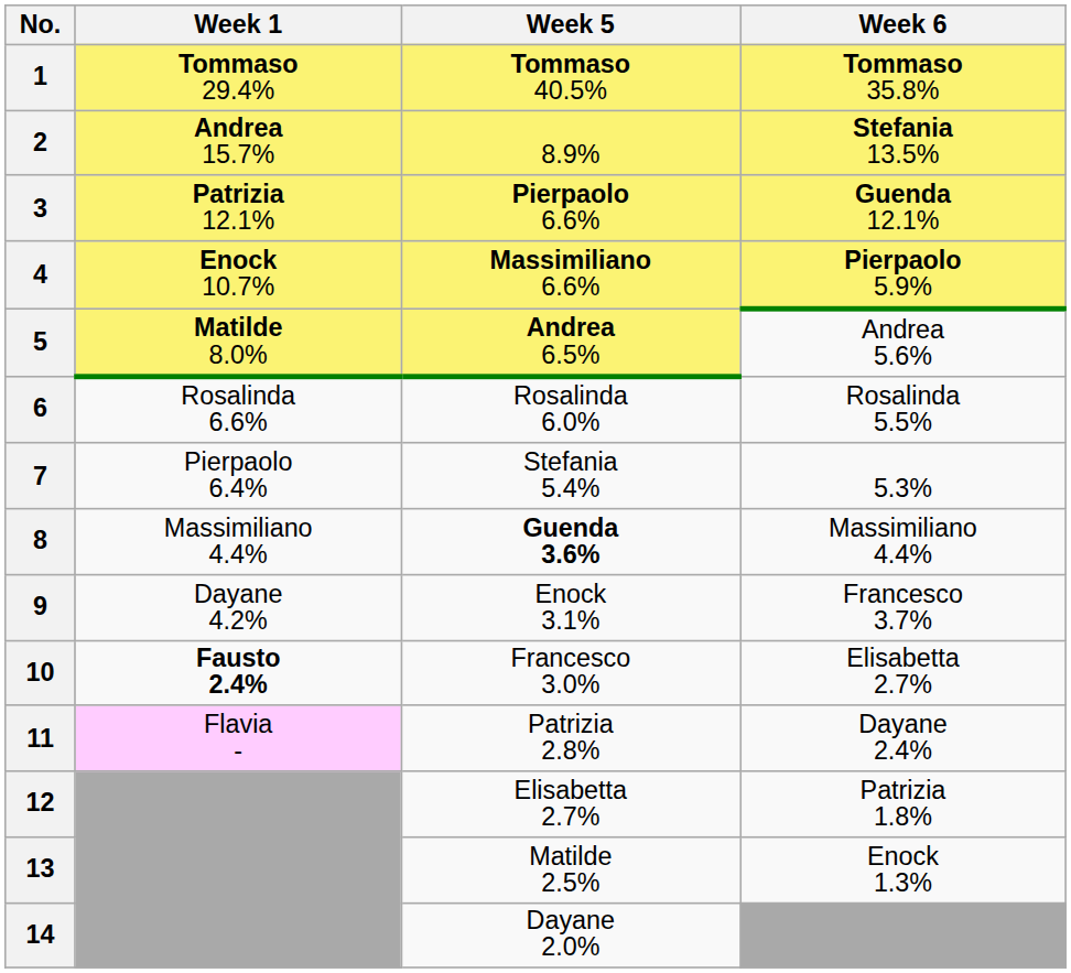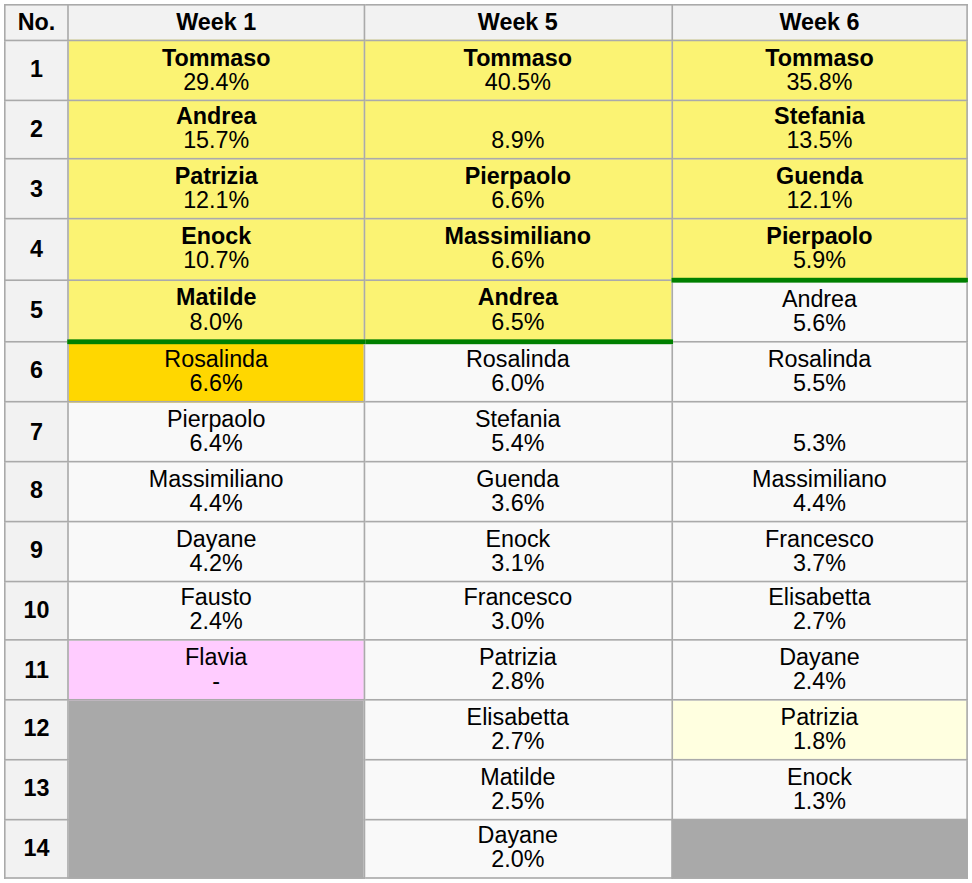 <table class="wikitable" style="text-align:center; font-size:90%; line-height:15px; width:30%">
 <tr>
 <th style="width:1%">No.</th>
 <th style="width:10%">Week 1<br></th>
 <th style="width:10%">Week 5<br></th>
 <th style="width:10%">Week 6<br></th>
 </tr>
 <tr>
 <th>1</th>
 <td style="background-color:#FBF373;"><strong>Tommaso</strong><br>29.4%</td>
 <td style="background-color:#FBF373;"><strong>Tommaso</strong><br>40.5%</td>
 <td style="background-color:#FBF373;"><strong>Tommaso</strong><br>35.8%</td>
 </tr>
 <tr>
 <th>2</th>
 <td style="background-color:#FBF373;"><strong>Andrea</strong><br>15.7%</td>
 <td style="background-color:#FBF373;"><strong></strong><br>8.9%</td>
 <td style="background-color:#FBF373;"><strong>Stefania</strong><br>13.5%</td>
 </tr>
 <tr>
 <th>3</th>
 <td style="background-color:#FBF373;"><strong>Patrizia</strong><br>12.1%</td>
 <td style="background-color:#FBF373;"><strong>Pierpaolo</strong><br>6.6%</td>
 <td style="background-color:#FBF373;"><strong>Guenda</strong><br>12.1%</td>
 </tr>
 <tr>
 <th>4</th>
 <td style="background-color:#FBF373;"><strong>Enock</strong><br>10.7%</td>
 <td style="background-color:#FBF373;"><strong>Massimiliano</strong><br>6.6%</td>
 <td style="border-bottom:3px solid green; background-color:#FBF373;"><strong>Pierpaolo</strong><br>5.9%</td>
 </tr>
 <tr>
 <th>5</th>
 <td style="border-bottom:3px solid green; background-color:#FBF373;"><strong>Matilde</strong><br>8.0%</td>
 <td style="border-bottom:3px solid green; background-color:#FBF373;"><strong>Andrea</strong><br>6.5%</td>
 <td>Andrea<br>5.6%</td>
 </tr>
 <tr>
 <th>6</th>
-<td>Rosalinda<br>6.6%</td>
+<td style="background: gold;">Rosalinda<br>6.6%</td>
 <td>Rosalinda<br>6.0%</td>
 <td>Rosalinda<br>5.5%</td>
 </tr>
 <tr>
 <th>7</th>
 <td>Pierpaolo<br>6.4%</td>
 <td>Stefania<br>5.4%</td>
 <td><br>5.3%</td>
 </tr>
 <tr>
 <th>8</th>
 <td>Massimiliano<br>4.4%</td>
-<td><strong>Guenda<br>3.6%</strong></td>
+<td>Guenda<br>3.6%</td>
 <td>Massimiliano<br>4.4%</td>
 </tr>
 <tr>
 <th>9</th>
 <td>Dayane<br>4.2%</td>
 <td>Enock<br>3.1%</td>
 <td>Francesco<br>3.7%</td>
 </tr>
 <tr>
 <th>10</th>
-<td><strong>Fausto<br>2.4%</strong></td>
+<td>Fausto<br>2.4%</td>
 <td>Francesco<br>3.0%</td>
 <td>Elisabetta<br>2.7%</td>
 </tr>
 <tr>
 <th>11</th>
 <td style="background-color:#FCF;">Flavia<br>-</td>
 <td>Patrizia<br>2.8%</td>
 <td>Dayane<br>2.4%</td>
 </tr>
 <tr>
 <th>12</th>
 <td rowspan="3" bgcolor="darkgray"></td>
 <td>Elisabetta<br>2.7%</td>
-<td>Patrizia<br>1.8%</td>
+<td style="background: lightyellow;">Patrizia<br>1.8%</td>
 </tr>
 <tr>
 <th>13</th>
 <td>Matilde<br>2.5%</td>
 <td>Enock<br>1.3%</td>
 </tr>
 <tr>
 <th>14</th>
 <td>Dayane<br>2.0%</td>
 <td bgcolor="darkgray"></td>
 </tr>
 </table>
